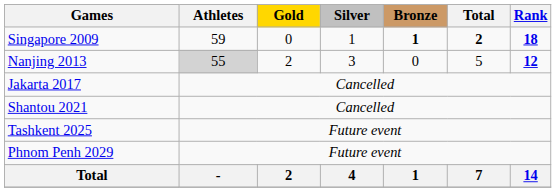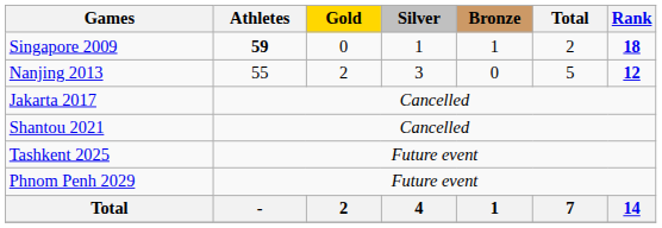 <table class="wikitable sortable" style="margin-top:0em; text-align:center; font-size:100%;">
 <tr>
 <th style="width:12em;">Games</th>
 <th scope="col" style="width:5em;">Athletes</th>
 <th style="width:4em; background:gold;">Gold</th>
 <th style="width:4em; background:silver;">Silver</th>
 <th style="width:4em; background:#cc9966;">Bronze</th>
 <th style="width:4em;">Total</th>
 <th style="width:2em;"><a href='#'>Rank</a></th>
 </tr>
 <tr>
 <td align=left> <a href='#'>Singapore 2009</a></td>
-<td>59</td>
+<td><strong>59</strong></td>
 <td>0</td>
 <td>1</td>
-<td><strong>1</strong></td>
-<td><strong>2</strong></td>
+<td>1</td>
+<td>2</td>
 <td><a href='#'><strong>18</strong></a></td>
 </tr>
 <tr>
 <td align=left> <a href='#'>Nanjing 2013</a></td>
-<td style="background: lightgrey;">55</td>
+<td>55</td>
 <td>2</td>
 <td>3</td>
 <td>0</td>
 <td>5</td>
 <td><a href='#'><strong>12</strong></a></td>
 </tr>
 <tr>
 <td align=left> <a href='#'>Jakarta 2017</a></td>
 <td colspan=6><em>Cancelled</em></td>
 </tr>
 <tr>
 <td align=left> <a href='#'>Shantou 2021</a></td>
 <td colspan=6><em>Cancelled</em></td>
 </tr>
 <tr>
 <td align=left> <a href='#'>Tashkent 2025</a></td>
 <td colspan=6><em>Future event</em></td>
 </tr>
 <tr>
 <td align=left> <a href='#'>Phnom Penh 2029</a></td>
 <td colspan=6><em>Future event</em></td>
 </tr>
 <tr>
 <th><strong>Total</strong></th>
 <th><strong>-</strong></th>
 <th><strong>2</strong></th>
 <th><strong>4</strong></th>
 <th><strong>1</strong></th>
 <th><strong>7</strong></th>
 <th><strong><a href='#'>14</a></strong></th>
 </tr>
 <tr class="sortbottom">
 </tr>
 </table>
